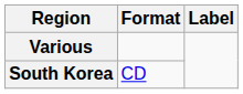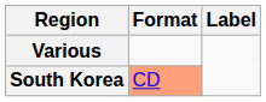 <table class="wikitable plainrowheaders">
 <tr>
 <th scope="col">Region</th>
 <th scope="col">Format</th>
 <th scope="col">Label</th>
 </tr>
 <tr>
 <th scope="row">Various</th>
 <td></td>
 <td rowspan="2"></td>
 </tr>
 <tr>
 <th scope="row">South Korea</th>
-<td><a href='#'>CD</a></td>
+<td style="background: lightsalmon;"><a href='#'>CD</a></td>
 </tr>
 </table>
